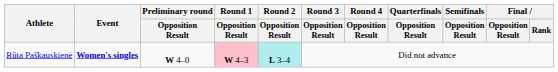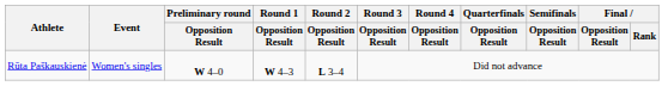 <table class="wikitable" style="font-size:90%">
 <tr>
 <th rowspan="2">Athlete</th>
 <th rowspan="2">Event</th>
 <th>Preliminary round</th>
 <th>Round 1</th>
 <th>Round 2</th>
 <th>Round 3</th>
 <th>Round 4</th>
 <th>Quarterfinals</th>
 <th>Semifinals</th>
 <th colspan=2>Final / </th>
 </tr>
 <tr style="font-size:95%">
 <th>Opposition<br>Result</th>
 <th>Opposition<br>Result</th>
 <th>Opposition<br>Result</th>
 <th>Opposition<br>Result</th>
 <th>Opposition<br>Result</th>
 <th>Opposition<br>Result</th>
 <th>Opposition<br>Result</th>
 <th>Opposition<br>Result</th>
 <th>Rank</th>
 </tr>
 <tr align=center>
 <td align=left><a href='#'>Rūta Paškauskienė</a></td>
-<td align=left><strong><a href='#'>Women's singles</a></strong></td>
+<td align=left><a href='#'>Women's singles</a></td>
 <td><br><strong>W</strong> 4–0</td>
-<td style="background: pink;"><br><strong>W</strong> 4–3</td>
-<td style="background: paleturquoise;"><br><strong>L</strong> 3–4</td>
+<td><br><strong>W</strong> 4–3</td>
+<td><br><strong>L</strong> 3–4</td>
 <td colspan=6>Did not advance</td>
 </tr>
 </table>
